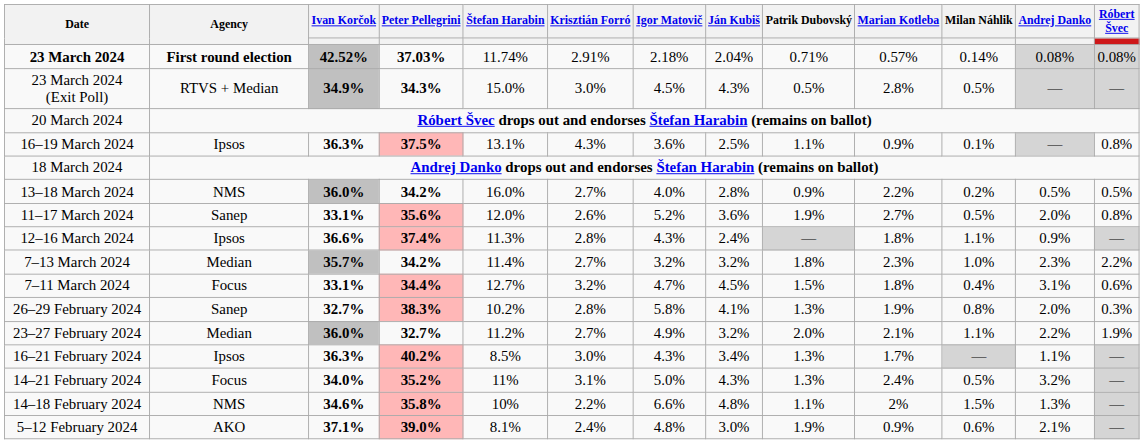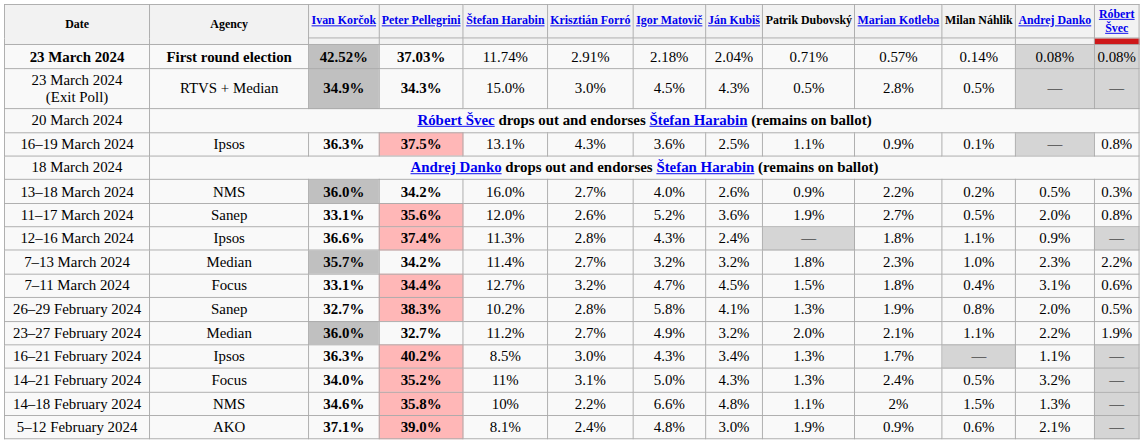 <table class="wikitable" style="text-align:center;">
 <tr style="font-size:80%;">
 <th style="width:150px;" rowspan="2">Date</th>
 <th style="width:165px;" rowspan="2">Agency</th>
 <th><a href='#'>Ivan Korčok</a></th>
 <th><a href='#'>Peter Pellegrini</a></th>
 <th><a href='#'>Štefan Harabin</a></th>
 <th><a href='#'>Krisztián Forró</a></th>
 <th><a href='#'>Igor Matovič</a></th>
 <th><a href='#'>Ján Kubiš</a></th>
 <th>Patrik Dubovský</th>
 <th><a href='#'>Marian Kotleba</a></th>
 <th>Milan Náhlik</th>
 <th><a href='#'>Andrej Danko</a></th>
 <th><a href='#'>Róbert Švec</a></th>
 </tr>
 <tr>
 <th style="background:"></th>
 <th style="background:"></th>
 <th style="background:"></th>
 <th style="background:"></th>
 <th style="background:"></th>
 <th style="background:"></th>
 <th style="background:"></th>
 <th style="background:"></th>
 <th style="background:"></th>
 <th style="background:"></th>
 <th style="background:#CE1719; width:40px;"></th>
 </tr>
 <tr>
 <td><strong>23 March 2024</strong></td>
 <td><strong>First round election</strong></td>
 <td style="background:#C0C0C0;"><strong>42.52%</strong></td>
 <td><strong>37.03%</strong></td>
 <td>11.74%</td>
 <td>2.91%</td>
 <td>2.18%</td>
 <td>2.04%</td>
 <td>0.71%</td>
 <td>0.57%</td>
 <td>0.14%</td>
 <td style="background:#D5D5D5">0.08%</td>
 <td style="background:#D5D5D5">0.08%</td>
 </tr>
 <tr>
 <td>23 March 2024<br>(Exit Poll)</td>
 <td>RTVS + Median</td>
 <td style="background:#C0C0C0;"><strong>34.9%</strong></td>
 <td><strong>34.3%</strong></td>
 <td>15.0%</td>
 <td>3.0%</td>
 <td>4.5%</td>
 <td>4.3%</td>
 <td>0.5%</td>
 <td>2.8%</td>
 <td>0.5%</td>
 <td style="background:#D5D5D5">—</td>
 <td style="background:#D5D5D5">—</td>
 </tr>
 <tr>
 <td>20 March 2024</td>
 <td colspan="12"><strong><a href='#'>Róbert Švec</a> drops out and endorses <a href='#'>Štefan Harabin</a> (remains on ballot)</strong></td>
 </tr>
 <tr>
 <td>16–19 March 2024</td>
 <td>Ipsos</td>
 <td><strong>36.3%</strong></td>
 <td style="background:#FFB7B7;"><strong>37.5%</strong></td>
 <td>13.1%</td>
 <td>4.3%</td>
 <td>3.6%</td>
 <td>2.5%</td>
 <td>1.1%</td>
 <td>0.9%</td>
 <td>0.1%</td>
 <td style="background:#D5D5D5">—</td>
 <td>0.8%</td>
 </tr>
 <tr>
 <td>18 March 2024</td>
 <td colspan="12"><strong><a href='#'>Andrej Danko</a> drops out and endorses <a href='#'>Štefan Harabin</a> (remains on ballot)</strong></td>
 </tr>
 <tr>
 <td>13–18 March 2024</td>
 <td>NMS</td>
 <td style="background:#C0C0C0;"><strong>36.0%</strong></td>
 <td><strong>34.2%</strong></td>
 <td>16.0%</td>
 <td>2.7%</td>
 <td>4.0%</td>
-<td>2.8%</td>
+<td>2.6%</td>
 <td>0.9%</td>
 <td>2.2%</td>
 <td>0.2%</td>
 <td>0.5%</td>
-<td>0.5%</td>
+<td>0.3%</td>
 </tr>
 <tr>
 <td>11–17 March 2024</td>
 <td>Sanep</td>
 <td><strong>33.1%</strong></td>
 <td style="background:#FFB7B7;"><strong>35.6%</strong></td>
 <td>12.0%</td>
 <td>2.6%</td>
 <td>5.2%</td>
 <td>3.6%</td>
 <td>1.9%</td>
 <td>2.7%</td>
 <td>0.5%</td>
 <td>2.0%</td>
 <td>0.8%</td>
 </tr>
 <tr>
 <td>12–16 March 2024</td>
 <td>Ipsos</td>
 <td><strong>36.6%</strong></td>
 <td style="background:#FFB7B7;"><strong>37.4%</strong></td>
 <td>11.3%</td>
 <td>2.8%</td>
 <td>4.3%</td>
 <td>2.4%</td>
 <td style="background:#D5D5D5">—</td>
 <td>1.8%</td>
 <td>1.1%</td>
 <td>0.9%</td>
 <td style="background:#D5D5D5">—</td>
 </tr>
 <tr>
 <td>7–13 March 2024</td>
 <td>Median</td>
 <td style="background:#C0C0C0;"><strong>35.7%</strong></td>
 <td><strong>34.2%</strong></td>
 <td>11.4%</td>
 <td>2.7%</td>
 <td>3.2%</td>
 <td>3.2%</td>
 <td>1.8%</td>
 <td>2.3%</td>
 <td>1.0%</td>
 <td>2.3%</td>
 <td>2.2%</td>
 </tr>
 <tr>
 <td>7–11 March 2024</td>
 <td>Focus</td>
 <td><strong>33.1%</strong></td>
 <td style="background:#FFB7B7;"><strong>34.4%</strong></td>
 <td>12.7%</td>
 <td>3.2%</td>
 <td>4.7%</td>
 <td>4.5%</td>
 <td>1.5%</td>
 <td>1.8%</td>
 <td>0.4%</td>
 <td>3.1%</td>
 <td>0.6%</td>
 </tr>
 <tr>
 <td>26–29 February 2024</td>
 <td>Sanep</td>
 <td><strong>32.7%</strong></td>
 <td style="background:#FFB7B7;"><strong>38.3%</strong></td>
 <td>10.2%</td>
 <td>2.8%</td>
 <td>5.8%</td>
 <td>4.1%</td>
 <td>1.3%</td>
 <td>1.9%</td>
 <td>0.8%</td>
 <td>2.0%</td>
-<td>0.3%</td>
+<td>0.5%</td>
 </tr>
 <tr>
 <td>23–27 February 2024</td>
 <td>Median</td>
 <td style="background:#C0C0C0;"><strong>36.0%</strong></td>
 <td><strong>32.7%</strong></td>
 <td>11.2%</td>
 <td>2.7%</td>
 <td>4.9%</td>
 <td>3.2%</td>
 <td>2.0%</td>
 <td>2.1%</td>
 <td>1.1%</td>
 <td>2.2%</td>
 <td>1.9%</td>
 </tr>
 <tr>
 <td>16–21 February 2024</td>
 <td>Ipsos</td>
 <td><strong>36.3%</strong></td>
 <td style="background:#FFB7B7;"><strong>40.2%</strong></td>
 <td>8.5%</td>
 <td>3.0%</td>
 <td>4.3%</td>
 <td>3.4%</td>
 <td>1.3%</td>
 <td>1.7%</td>
 <td style="background:#D5D5D5">—</td>
 <td>1.1%</td>
 <td style="background:#D5D5D5">—</td>
 </tr>
 <tr>
 <td>14–21 February 2024</td>
 <td>Focus</td>
 <td><strong>34.0%</strong></td>
 <td style="background:#FFB7B7;"><strong>35.2%</strong></td>
 <td>11%</td>
 <td>3.1%</td>
 <td>5.0%</td>
 <td>4.3%</td>
 <td>1.3%</td>
 <td>2.4%</td>
 <td>0.5%</td>
 <td>3.2%</td>
 <td style="background:#D5D5D5">—</td>
 </tr>
 <tr>
 <td>14–18 February 2024</td>
 <td>NMS</td>
 <td><strong>34.6%</strong></td>
 <td style="background:#FFB7B7;"><strong>35.8%</strong></td>
 <td>10%</td>
 <td>2.2%</td>
 <td>6.6%</td>
 <td>4.8%</td>
 <td>1.1%</td>
 <td>2%</td>
 <td>1.5%</td>
 <td>1.3%</td>
 <td style="background:#D5D5D5">—</td>
 </tr>
 <tr>
 <td>5–12 February 2024</td>
 <td>AKO</td>
 <td><strong>37.1%</strong></td>
 <td style="background:#FFB7B7;"><strong>39.0%</strong></td>
 <td>8.1%</td>
 <td>2.4%</td>
 <td>4.8%</td>
 <td>3.0%</td>
 <td>1.9%</td>
 <td>0.9%</td>
 <td>0.6%</td>
 <td>2.1%</td>
 <td style="background:#D5D5D5">—</td>
 </tr>
 </table>
